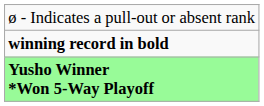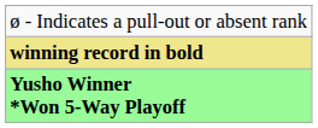 <table class="wikitable">
 <tr>
 <td>ø - Indicates a pull-out or absent rank</td>
 </tr>
 <tr>
-<td><strong>winning record in bold</strong></td>
+<td style="background: khaki;"><strong>winning record in bold</strong></td>
 </tr>
 <tr>
 <td style="background: PaleGreen;"><strong>Yusho Winner</strong><br><strong>*Won 5-Way Playoff</strong></td>
 </tr>
 </table>
